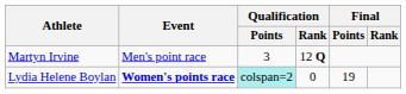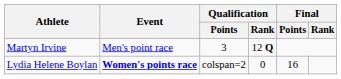 <table class="wikitable" style="font-size:90%;">
 <tr>
 <th rowspan=2>Athlete</th>
 <th rowspan=2>Event</th>
 <th colspan=2>Qualification</th>
 <th colspan=2>Final</th>
 </tr>
 <tr style="font-size:95%">
 <th>Points</th>
 <th>Rank</th>
 <th>Points</th>
 <th>Rank</th>
 </tr>
 <tr align=center>
 <td align=left><a href='#'>Martyn Irvine</a></td>
 <td align=left><a href='#'>Men's point race</a></td>
 <td>3</td>
 <td>12 <strong>Q</strong></td>
 <td colspan="2"></td>
 </tr>
 <tr align=center>
 <td align=left><a href='#'>Lydia Helene Boylan</a></td>
 <td align=left><strong><a href='#'>Women's points race</a></strong></td>
-<td style="background: paleturquoise;">colspan=2 </td>
+<td>colspan=2 </td>
 <td>0</td>
-<td>19</td>
+<td>16</td>
 </tr>
 </table>
